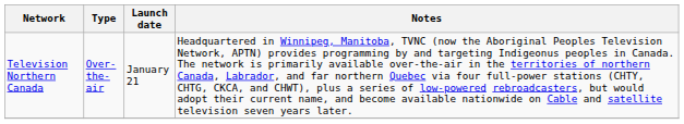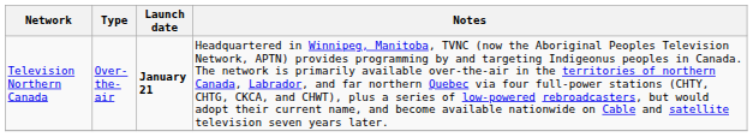 <table class="wikitable">
 <tr>
 <th>Network</th>
 <th>Type</th>
 <th>Launch date</th>
 <th>Notes</th>
 </tr>
 <tr>
 <td><a href='#'>Television Northern Canada</a></td>
 <td><a href='#'>Over-the-air</a>  <br></td>
-<td>January 21</td>
+<td><strong>January 21</strong></td>
 <td>Headquartered in <a href='#'>Winnipeg, Manitoba</a>, TVNC (now the Aboriginal Peoples Television Network, APTN) provides programming by and targeting Indigeonus peoples in Canada. The network is primarily available over-the-air in the <a href='#'>territories of northern Canada</a>, <a href='#'>Labrador</a>, and far northern <a href='#'>Quebec</a> via four full-power stations (CHTY, CHTG, CKCA, and CHWT), plus a series of <a href='#'>low-powered</a> <a href='#'>rebroadcasters</a>, but would adopt their current name, and become available nationwide on <a href='#'>Cable</a> and <a href='#'>satellite</a> television seven years later.</td>
 </tr>
 <tr>
 </tr>
 </table>
